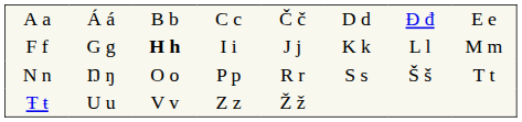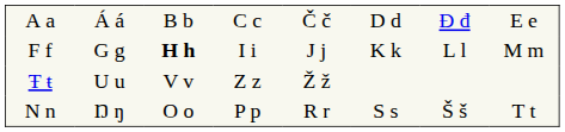 <table style="font-family:Arial Unicode MS; font-size:1.4em; border-color:#000000; border-width:1px; border-style:solid; border-collapse:collapse; background-color:#F8F8EF">
 <tr>
 <td style="width:3em; text-align:center; padding: 3px;">А а</td>
 <td style="width:3em; text-align:center; padding: 3px;">Á á</td>
 <td style="width:3em; text-align:center; padding: 3px;">B b</td>
 <td style="width:3em; text-align:center; padding: 3px;">C c</td>
 <td style="width:3em; text-align:center; padding: 3px;">Č č</td>
 <td style="width:3em; text-align:center; padding: 3px;">D d</td>
 <td style="width:3em; text-align:center; padding: 3px;"><a href='#'>Đ đ</a></td>
 <td style="width:3em; text-align:center; padding: 3px;">E e</td>
 </tr>
 <tr>
 <td style="width:3em; text-align:center; padding: 3px;">F f</td>
 <td style="width:3em; text-align:center; padding: 3px;">G g</td>
 <td style="width:3em; text-align:center; padding: 3px;"><strong>H h</strong></td>
 <td style="width:3em; text-align:center; padding: 3px;">I i</td>
 <td style="width:3em; text-align:center; padding: 3px;">J j</td>
 <td style="width:3em; text-align:center; padding: 3px;">K k</td>
 <td style="width:3em; text-align:center; padding: 3px;">L l</td>
 <td style="width:3em; text-align:center; padding: 3px;">M m</td>
 </tr>
 <tr>
+<td style="width:3em; text-align:center; padding: 3px;"><a href='#'>Ŧ ŧ</a></td>
+<td style="width:3em; text-align:center; padding: 3px;">U u</td>
+<td style="width:3em; text-align:center; padding: 3px;">V v</td>
+<td style="width:3em; text-align:center; padding: 3px;">Z z</td>
+<td style="width:3em; text-align:center; padding: 3px;">Ž ž</td>
+<td></td>
+<td></td>
+<td></td>
+</tr>
+<tr>
 <td style="width:3em; text-align:center; padding: 3px;">N n</td>
 <td style="width:3em; text-align:center; padding: 3px;">Ŋ ŋ</td>
 <td style="width:3em; text-align:center; padding: 3px;">O o</td>
 <td style="width:3em; text-align:center; padding: 3px;">P p</td>
 <td style="width:3em; text-align:center; padding: 3px;">R r</td>
 <td style="width:3em; text-align:center; padding: 3px;">S s</td>
 <td style="width:3em; text-align:center; padding: 3px;">Š š</td>
 <td style="width:3em; text-align:center; padding: 3px;">T t</td>
 </tr>
-<tr>
-<td style="width:3em; text-align:center; padding: 3px;"><a href='#'>Ŧ ŧ</a></td>
-<td style="width:3em; text-align:center; padding: 3px;">U u</td>
-<td style="width:3em; text-align:center; padding: 3px;">V v</td>
-<td style="width:3em; text-align:center; padding: 3px;">Z z</td>
-<td style="width:3em; text-align:center; padding: 3px;">Ž ž</td>
-<td></td>
-<td></td>
-<td></td>
-</tr>
 </table>
